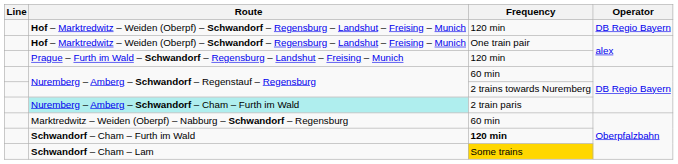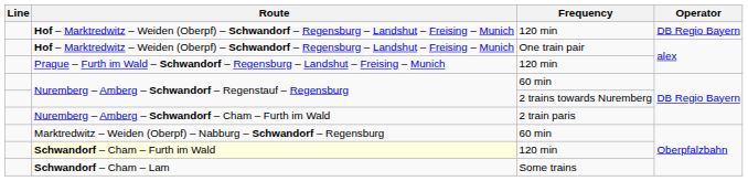 <table class="wikitable">
 <tr>
 <th>Line</th>
 <th>Route</th>
 <th>Frequency</th>
 <th>Operator</th>
 </tr>
 <tr>
 <td></td>
 <td><strong>Hof</strong> – <a href='#'>Marktredwitz</a> – Weiden (Oberpf) – <strong>Schwandorf</strong> – <a href='#'>Regensburg</a> – <a href='#'>Landshut</a> – <a href='#'>Freising</a> – <a href='#'>Munich</a></td>
 <td>120 min</td>
 <td><a href='#'>DB Regio Bayern</a></td>
 </tr>
 <tr>
 <td></td>
 <td><strong>Hof</strong> – <a href='#'>Marktredwitz</a> – Weiden (Oberpf) – <strong>Schwandorf</strong> – <a href='#'>Regensburg</a> – <a href='#'>Landshut</a> – <a href='#'>Freising</a> – <a href='#'>Munich</a></td>
 <td>One train pair</td>
 <td rowspan="2"><a href='#'>alex</a></td>
 </tr>
 <tr>
 <td></td>
 <td><a href='#'>Prague</a> – <a href='#'>Furth im Wald</a> – <strong>Schwandorf</strong> – <a href='#'>Regensburg</a> – <a href='#'>Landshut</a> – <a href='#'>Freising</a> – <a href='#'>Munich</a></td>
 <td>120 min</td>
 </tr>
 <tr>
 <td></td>
 <td rowspan="2"><a href='#'>Nuremberg</a> – <a href='#'>Amberg</a> – <strong>Schwandorf</strong> – Regenstauf – <a href='#'>Regensburg</a></td>
 <td>60 min</td>
 <td rowspan="3"><a href='#'>DB Regio Bayern</a></td>
 </tr>
 <tr>
 <td></td>
 <td>2 trains towards Nuremberg</td>
 </tr>
 <tr>
 <td></td>
-<td style="background: paleturquoise;"><a href='#'>Nuremberg</a> – <a href='#'>Amberg</a> – <strong>Schwandorf</strong> – Cham – Furth im Wald</td>
+<td><a href='#'>Nuremberg</a> – <a href='#'>Amberg</a> – <strong>Schwandorf</strong> – Cham – Furth im Wald</td>
 <td>2 train paris</td>
 </tr>
 <tr>
 <td></td>
 <td>Marktredwitz – Weiden (Oberpf) – Nabburg – <strong>Schwandorf</strong> – Regensburg</td>
 <td>60 min</td>
 <td rowspan="3"><a href='#'>Oberpfalzbahn</a></td>
 </tr>
 <tr>
 <td></td>
-<td><strong>Schwandorf</strong> – Cham – Furth im Wald</td>
-<td><strong>120 min</strong></td>
+<td style="background: lightyellow;"><strong>Schwandorf</strong> – Cham – Furth im Wald</td>
+<td>120 min</td>
 </tr>
 <tr>
 <td></td>
 <td><strong>Schwandorf</strong> – Cham – Lam</td>
-<td style="background: gold;">Some trains</td>
+<td>Some trains</td>
 </tr>
 </table>
